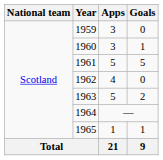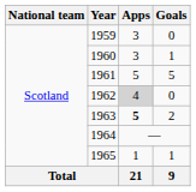 <table class="wikitable" style="text-align:center">
 <tr>
 <th>National team</th>
 <th>Year</th>
 <th>Apps</th>
 <th>Goals</th>
 </tr>
 <tr>
 <td rowspan="7"><a href='#'>Scotland</a></td>
 <td>1959</td>
 <td>3</td>
 <td>0</td>
 </tr>
 <tr>
 <td>1960</td>
 <td>3</td>
 <td>1</td>
 </tr>
 <tr>
 <td>1961</td>
 <td>5</td>
 <td>5</td>
 </tr>
 <tr>
 <td>1962</td>
-<td>4</td>
+<td style="background: lightgrey;">4</td>
 <td>0</td>
 </tr>
 <tr>
 <td>1963</td>
-<td>5</td>
+<td><strong>5</strong></td>
 <td>2</td>
 </tr>
 <tr>
 <td>1964</td>
 <td colspan="2">—</td>
 </tr>
 <tr>
 <td>1965</td>
 <td>1</td>
 <td>1</td>
 </tr>
 <tr>
 <th colspan="2">Total</th>
 <th>21</th>
 <th>9</th>
 </tr>
 </table>
